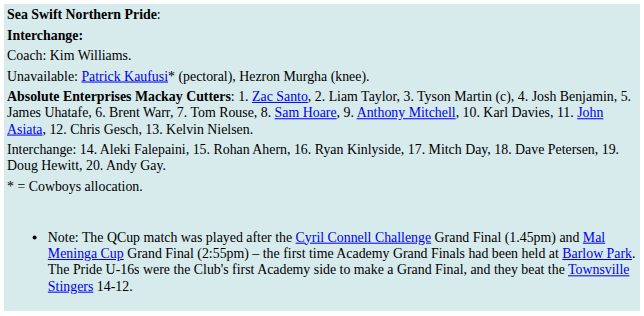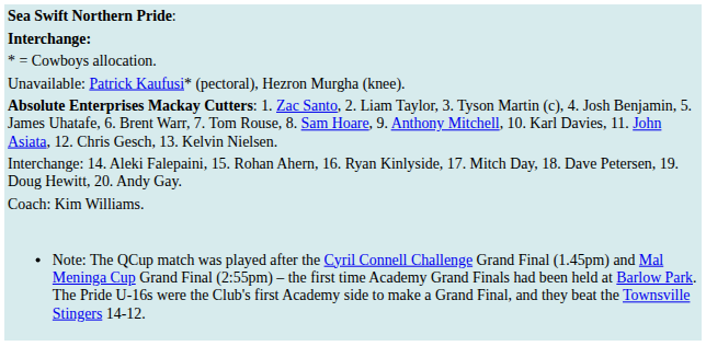 <table style="background:#d7ebed; font-size:85%; width:100%;">
 <tr>
 <td><strong>Sea Swift Northern Pride</strong>:             </td>
 </tr>
 <tr>
 <td><strong>Interchange:    </strong></td>
 </tr>
 <tr>
-<td>Coach: Kim Williams.</td>
+<td>* = Cowboys allocation.</td>
 </tr>
 <tr>
 <td>Unavailable: <a href='#'>Patrick Kaufusi</a>* (pectoral), Hezron Murgha (knee).</td>
 </tr>
 <tr>
 <td><strong>Absolute Enterprises Mackay Cutters</strong>: 1. <a href='#'>Zac Santo</a>, 2. Liam Taylor, 3. Tyson Martin (c), 4. Josh Benjamin, 5. James Uhatafe, 6. Brent Warr, 7. Tom Rouse, 8. <a href='#'>Sam Hoare</a>, 9. <a href='#'>Anthony Mitchell</a>, 10. Karl Davies, 11. <a href='#'>John Asiata</a>, 12. Chris Gesch, 13. Kelvin Nielsen.</td>
 </tr>
 <tr>
 <td>Interchange: 14. Aleki Falepaini, 15. Rohan Ahern, 16. Ryan Kinlyside, 17. Mitch Day, 18. Dave Petersen, 19. Doug Hewitt, 20. Andy Gay.</td>
 </tr>
 <tr>
-<td>* = Cowboys allocation.</td>
+<td>Coach: Kim Williams.</td>
 </tr>
 <tr>
 <td><br><ul><li>Note: The QCup match was played after the <a href='#'>Cyril Connell Challenge</a> Grand Final (1.45pm) and <a href='#'>Mal Meninga Cup</a> Grand Final (2:55pm) – the first time Academy Grand Finals had been held at <a href='#'>Barlow Park</a>. The Pride U-16s were the Club's first Academy side to make a Grand Final, and they beat the <a href='#'>Townsville Stingers</a> 14-12.</li></ul></td>
 </tr>
 </table>
